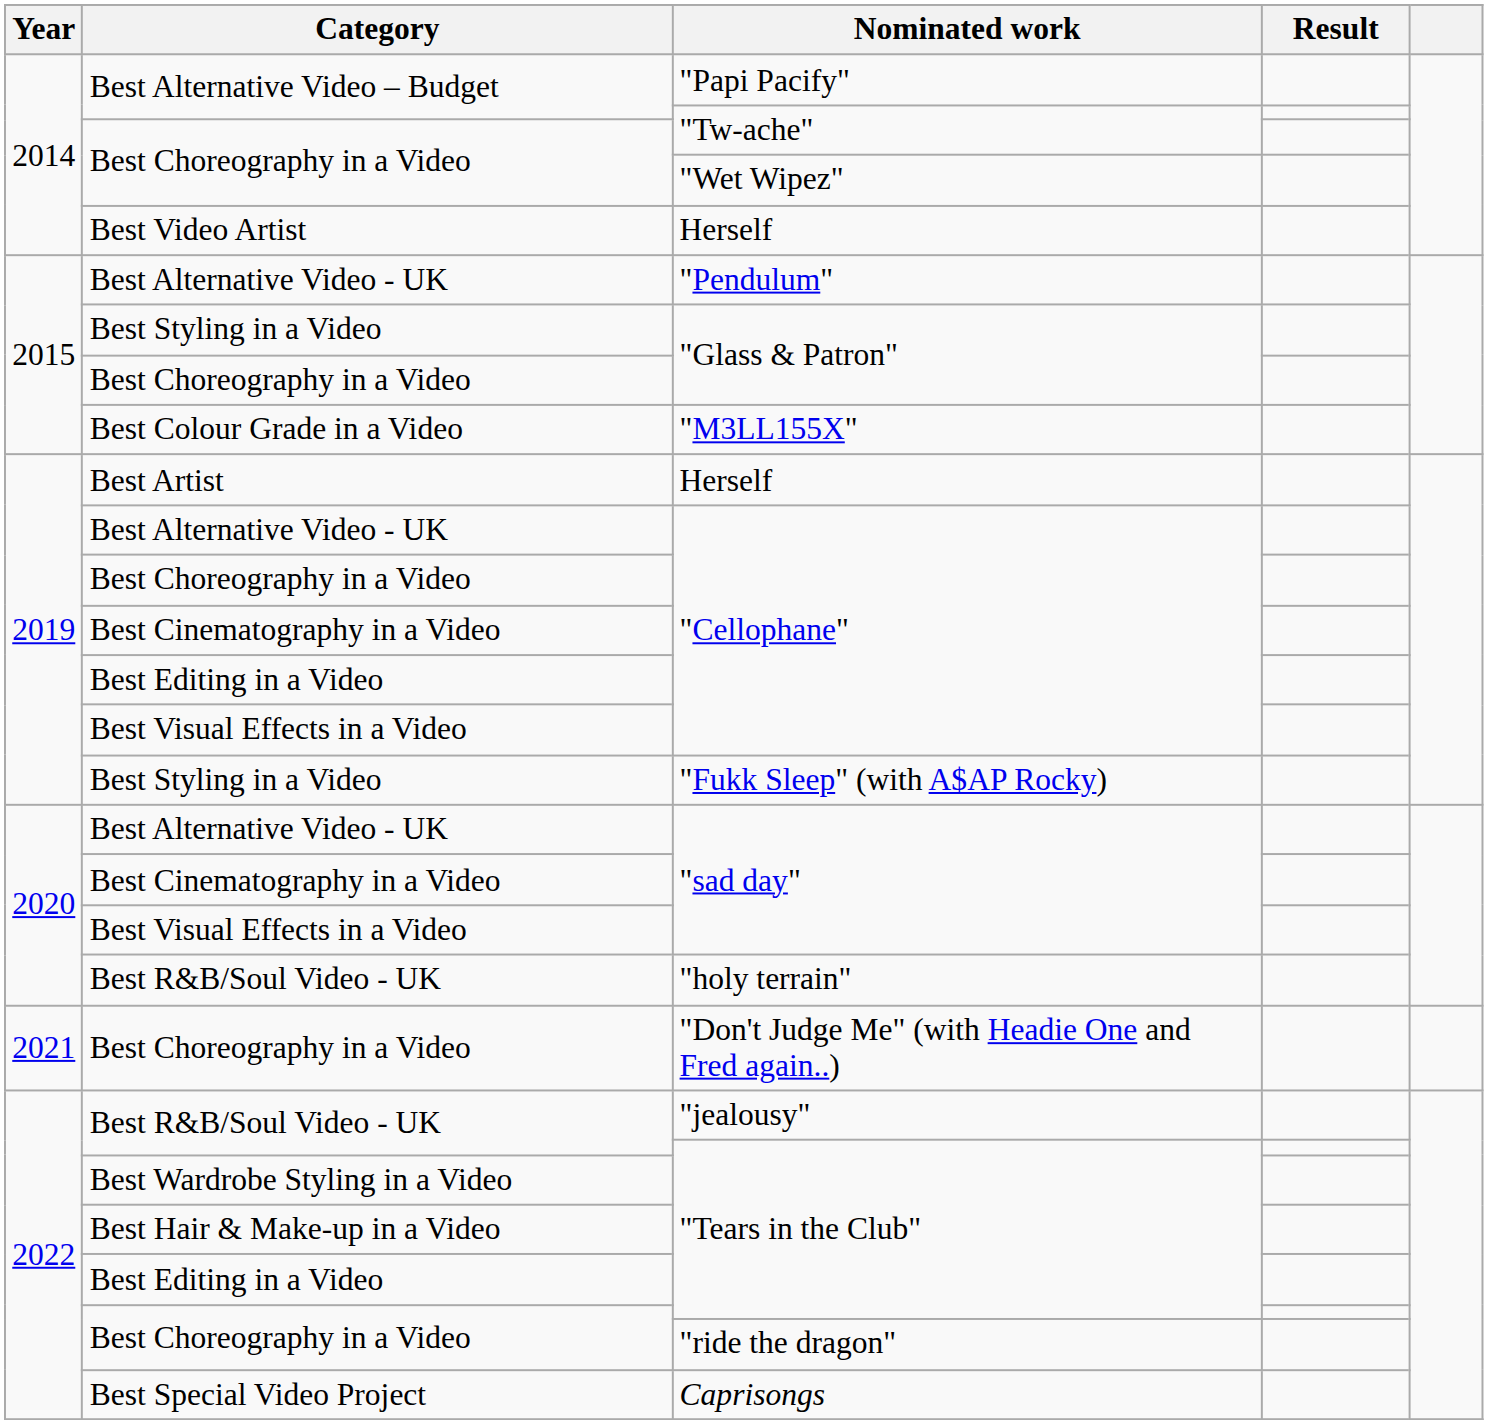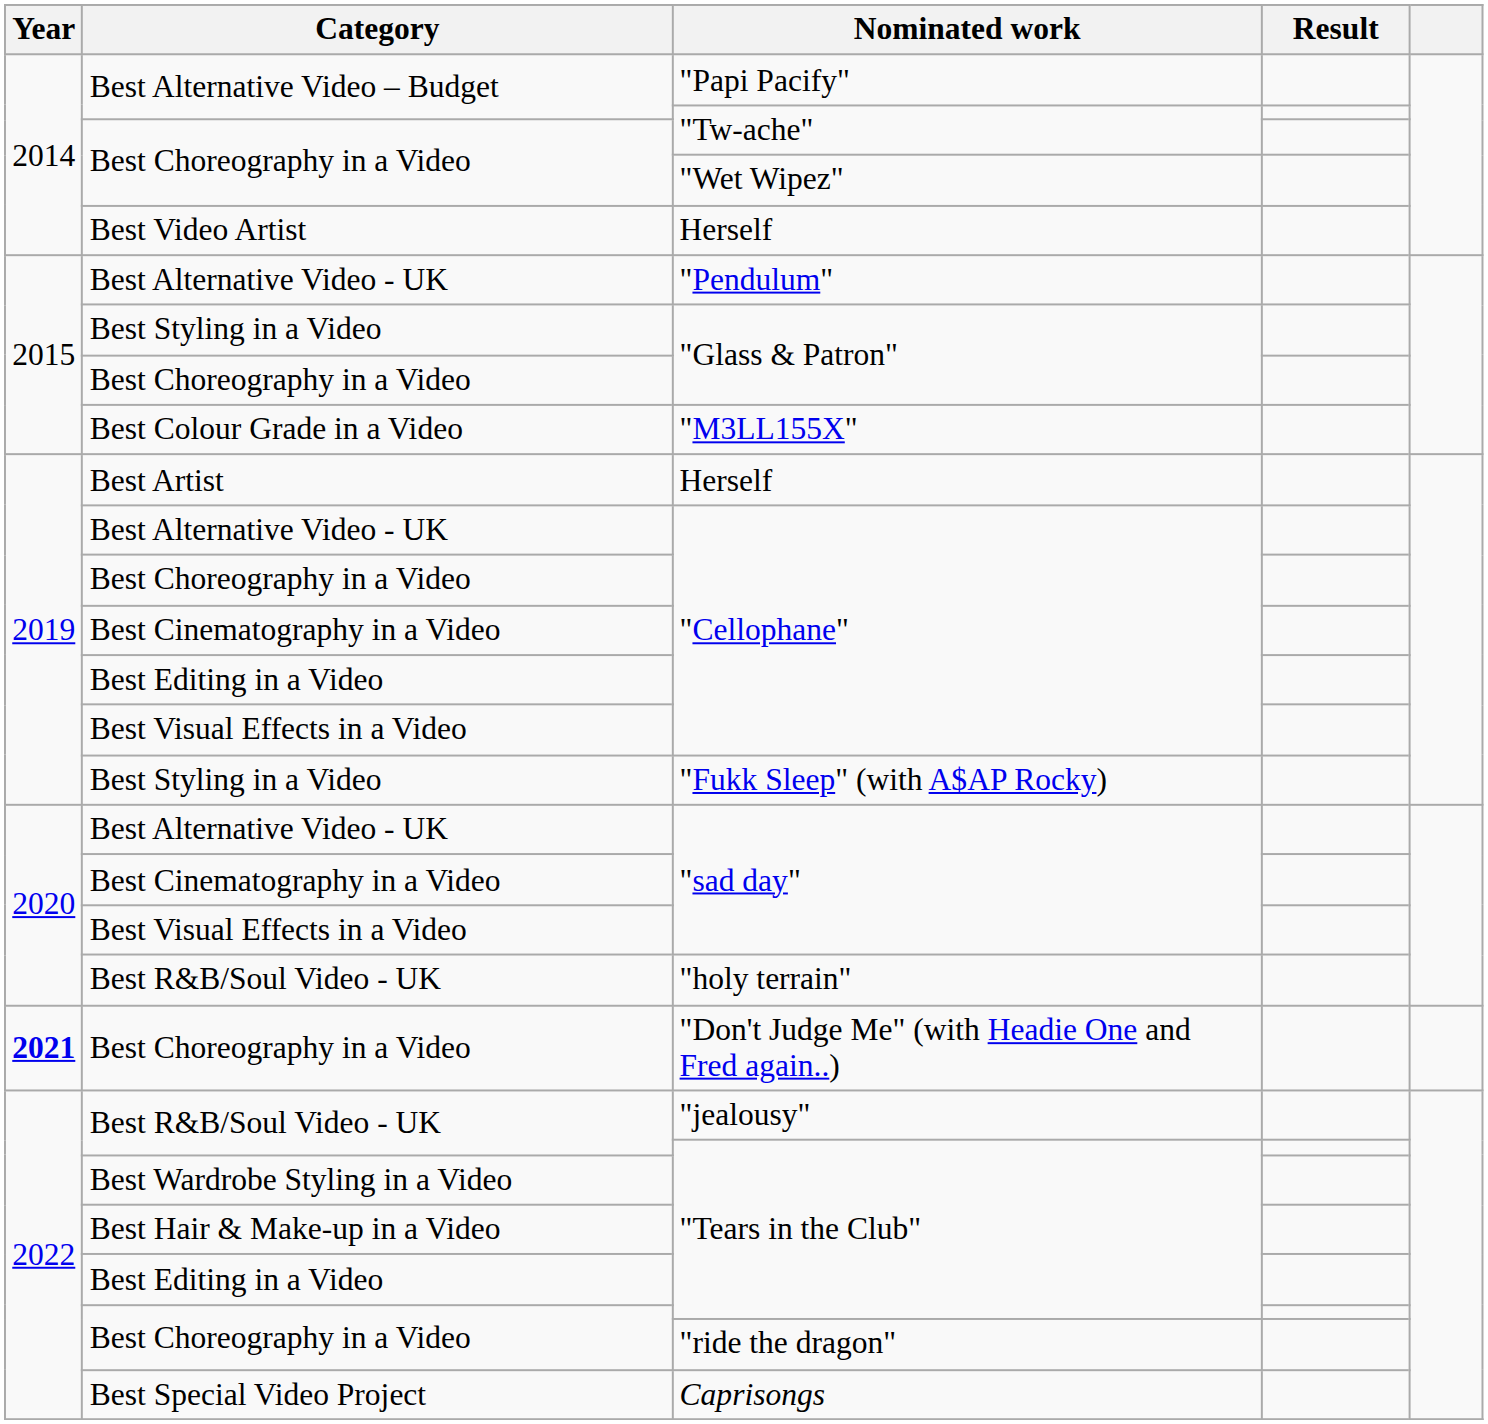 <table class="wikitable" style="width:85%;">
 <tr>
 <th width=5%>Year</th>
 <th style="width:40%;">Category</th>
 <th style="width:40%;">Nominated work</th>
 <th style="width:10%;">Result</th>
 <th width=5%></th>
 </tr>
 <tr>
 <td rowspan="5">2014</td>
 <td rowspan="2">Best Alternative Video – Budget</td>
 <td>"Papi Pacify"</td>
 <td></td>
 <td rowspan=5></td>
 </tr>
 <tr>
 <td rowspan="2">"Tw-ache"</td>
 <td></td>
 </tr>
 <tr>
 <td rowspan="2">Best Choreography in a Video</td>
 <td></td>
 </tr>
 <tr>
 <td>"Wet Wipez"</td>
 <td></td>
 </tr>
 <tr>
 <td>Best Video Artist</td>
 <td>Herself</td>
 <td></td>
 </tr>
 <tr>
 <td rowspan="4">2015</td>
 <td>Best Alternative Video - UK</td>
 <td>"<a href='#'>Pendulum</a>"</td>
 <td></td>
 <td rowspan=4></td>
 </tr>
 <tr>
 <td>Best Styling in a Video</td>
 <td rowspan="2">"Glass & Patron"</td>
 <td></td>
 </tr>
 <tr>
 <td>Best Choreography in a Video</td>
 <td></td>
 </tr>
 <tr>
 <td>Best Colour Grade in a Video</td>
 <td>"<a href='#'>M3LL155X</a>"</td>
 <td></td>
 </tr>
 <tr>
 <td rowspan=7><a href='#'>2019</a></td>
 <td>Best Artist</td>
 <td>Herself</td>
 <td></td>
 <td rowspan=7></td>
 </tr>
 <tr>
 <td>Best Alternative Video - UK</td>
 <td rowspan=5>"<a href='#'>Cellophane</a>"</td>
 <td></td>
 </tr>
 <tr>
 <td>Best Choreography in a Video</td>
 <td></td>
 </tr>
 <tr>
 <td>Best Cinematography in a Video</td>
 <td></td>
 </tr>
 <tr>
 <td>Best Editing in a Video</td>
 <td></td>
 </tr>
 <tr>
 <td>Best Visual Effects in a Video</td>
 <td></td>
 </tr>
 <tr>
 <td>Best Styling in a Video</td>
 <td>"<a href='#'>Fukk Sleep</a>" (with <a href='#'>A$AP Rocky</a>)</td>
 <td></td>
 </tr>
 <tr>
 <td rowspan="4"><a href='#'>2020</a></td>
 <td>Best Alternative Video - UK</td>
 <td rowspan="3">"<a href='#'>sad day</a>"</td>
 <td></td>
 <td rowspan=4></td>
 </tr>
 <tr>
 <td>Best Cinematography in a Video</td>
 <td></td>
 </tr>
 <tr>
 <td>Best Visual Effects in a Video</td>
 <td></td>
 </tr>
 <tr>
 <td>Best R&B/Soul Video - UK</td>
 <td>"holy terrain"</td>
 <td></td>
 </tr>
 <tr>
-<td><a href='#'>2021</a></td>
+<td><strong><a href='#'>2021</a></strong></td>
 <td>Best Choreography in a Video</td>
 <td>"Don't Judge Me" (with <a href='#'>Headie One</a> and <a href='#'>Fred again..</a>)</td>
 <td></td>
 <td></td>
 </tr>
 <tr>
 <td rowspan="8"><a href='#'>2022</a></td>
 <td rowspan="2">Best R&B/Soul Video - UK</td>
 <td>"jealousy"</td>
 <td></td>
 <td rowspan="8"></td>
 </tr>
 <tr>
 <td rowspan="5">"Tears in the Club" </td>
 <td></td>
 </tr>
 <tr>
 <td>Best Wardrobe Styling in a Video</td>
 <td></td>
 </tr>
 <tr>
 <td>Best Hair & Make-up in a Video</td>
 <td></td>
 </tr>
 <tr>
 <td>Best Editing in a Video</td>
 <td></td>
 </tr>
 <tr>
 <td rowspan="2">Best Choreography in a Video</td>
 <td></td>
 </tr>
 <tr>
 <td>"ride the dragon"</td>
 <td></td>
 </tr>
 <tr>
 <td>Best Special Video Project</td>
 <td><em>Caprisongs</em></td>
 <td></td>
 </tr>
 <tr>
 </tr>
 </table>
